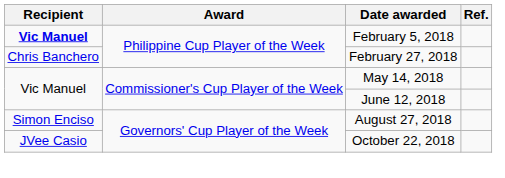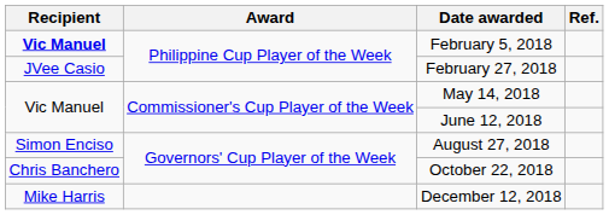 <table class="wikitable sortable sortable" style="text-align: center">
 <tr>
 <th>Recipient</th>
 <th>Award</th>
 <th>Date awarded</th>
 <th>Ref.</th>
 </tr>
 <tr>
 <td><strong><a href='#'>Vic Manuel</a></strong></td>
 <td rowspan=2><a href='#'>Philippine Cup Player of the Week</a></td>
 <td>February 5, 2018</td>
 <td align=center></td>
 </tr>
 <tr>
-<td><a href='#'>Chris Banchero</a></td>
+<td><a href='#'>JVee Casio</a></td>
 <td>February 27, 2018</td>
 <td align=center></td>
 </tr>
 <tr>
 <td rowspan=2>Vic Manuel</td>
 <td rowspan=2><a href='#'>Commissioner's Cup Player of the Week</a></td>
 <td>May 14, 2018</td>
 <td align=center></td>
 </tr>
 <tr>
 <td>June 12, 2018</td>
 <td align=center></td>
 </tr>
 <tr>
 <td><a href='#'>Simon Enciso</a></td>
 <td rowspan=2><a href='#'>Governors' Cup Player of the Week</a></td>
 <td>August 27, 2018</td>
 <td align=center></td>
 </tr>
 <tr>
-<td><a href='#'>JVee Casio</a></td>
+<td><a href='#'>Chris Banchero</a></td>
 <td>October 22, 2018</td>
 <td align=center></td>
 </tr>
+<tr>
+<td><a href='#'>Mike Harris</a></td>
+<td></td>
+<td>December 12, 2018</td>
+<td></td>
+</tr>
 </table>
